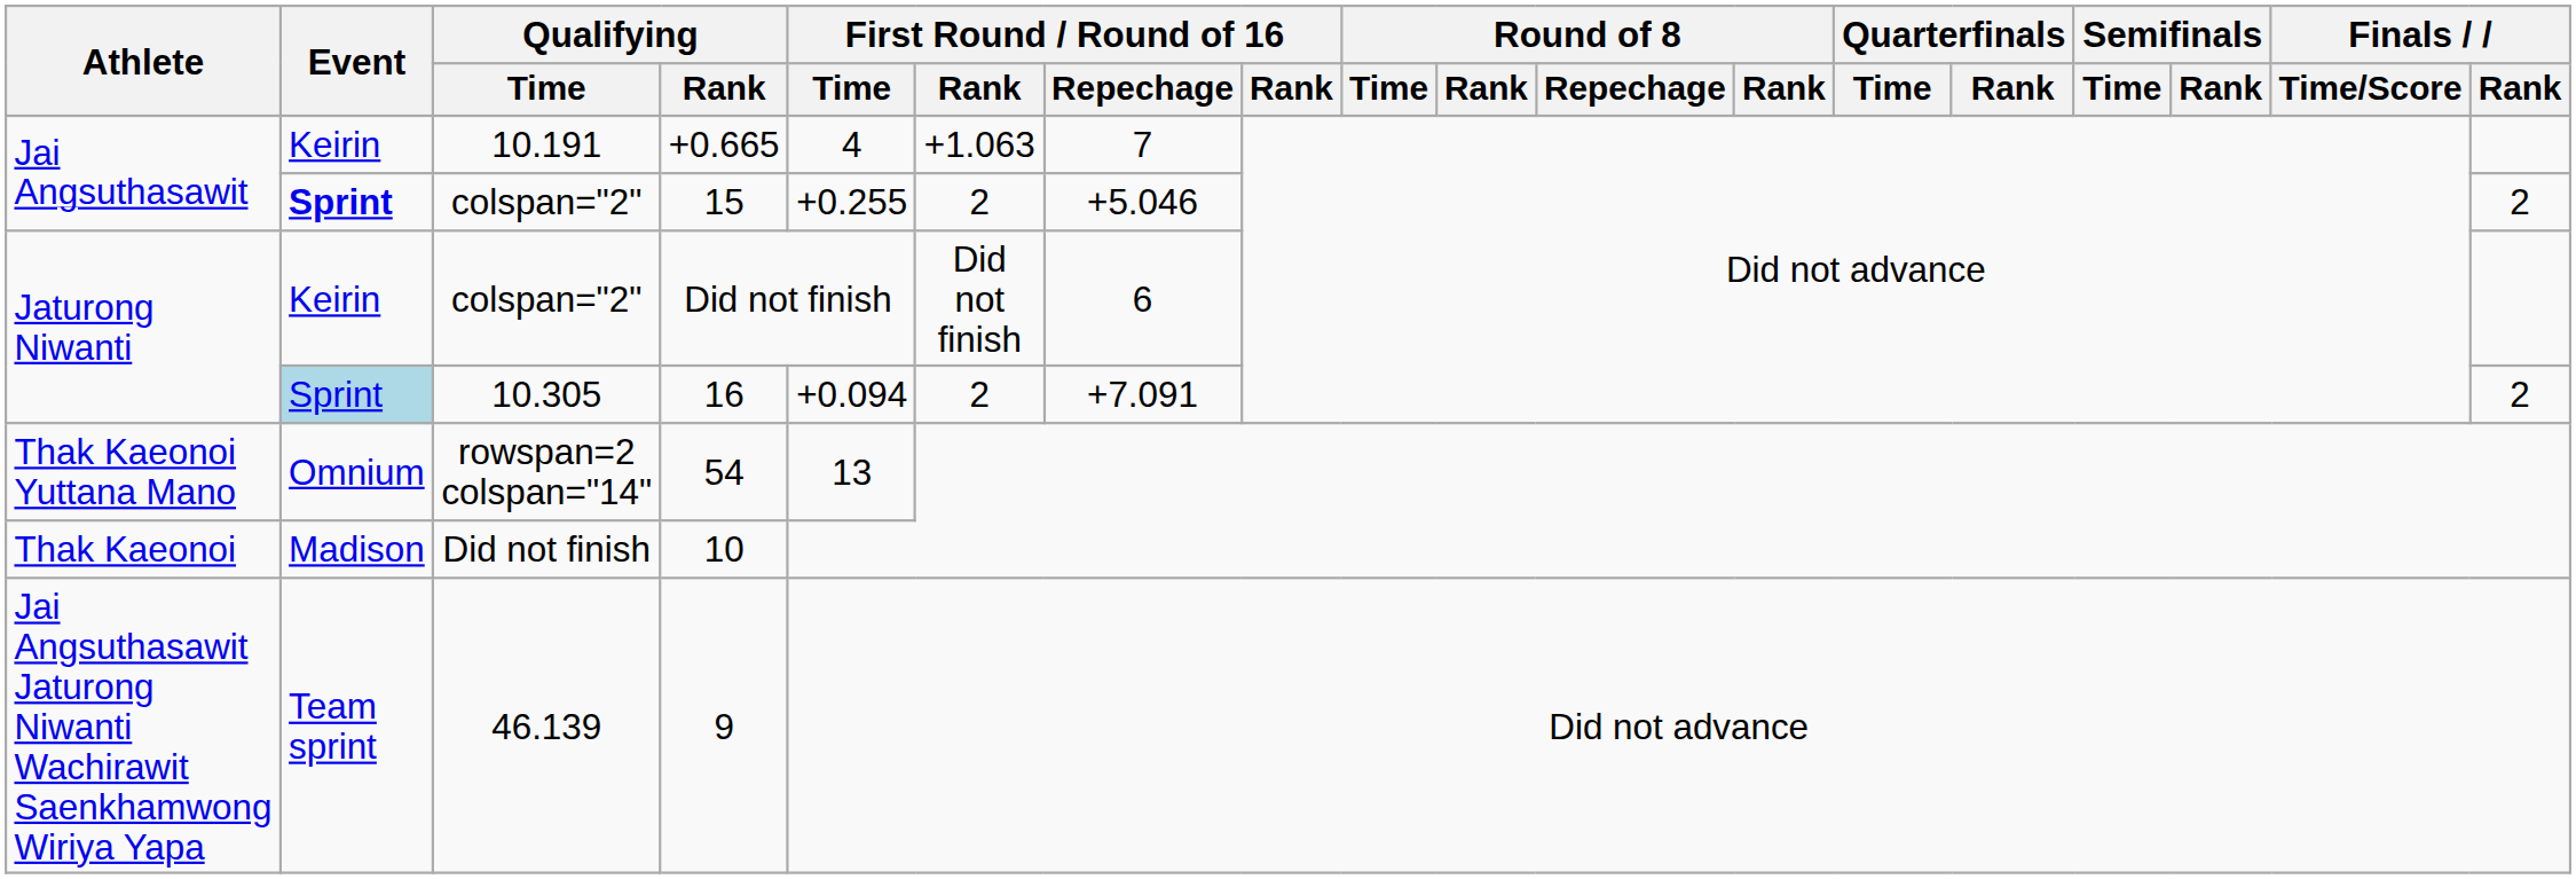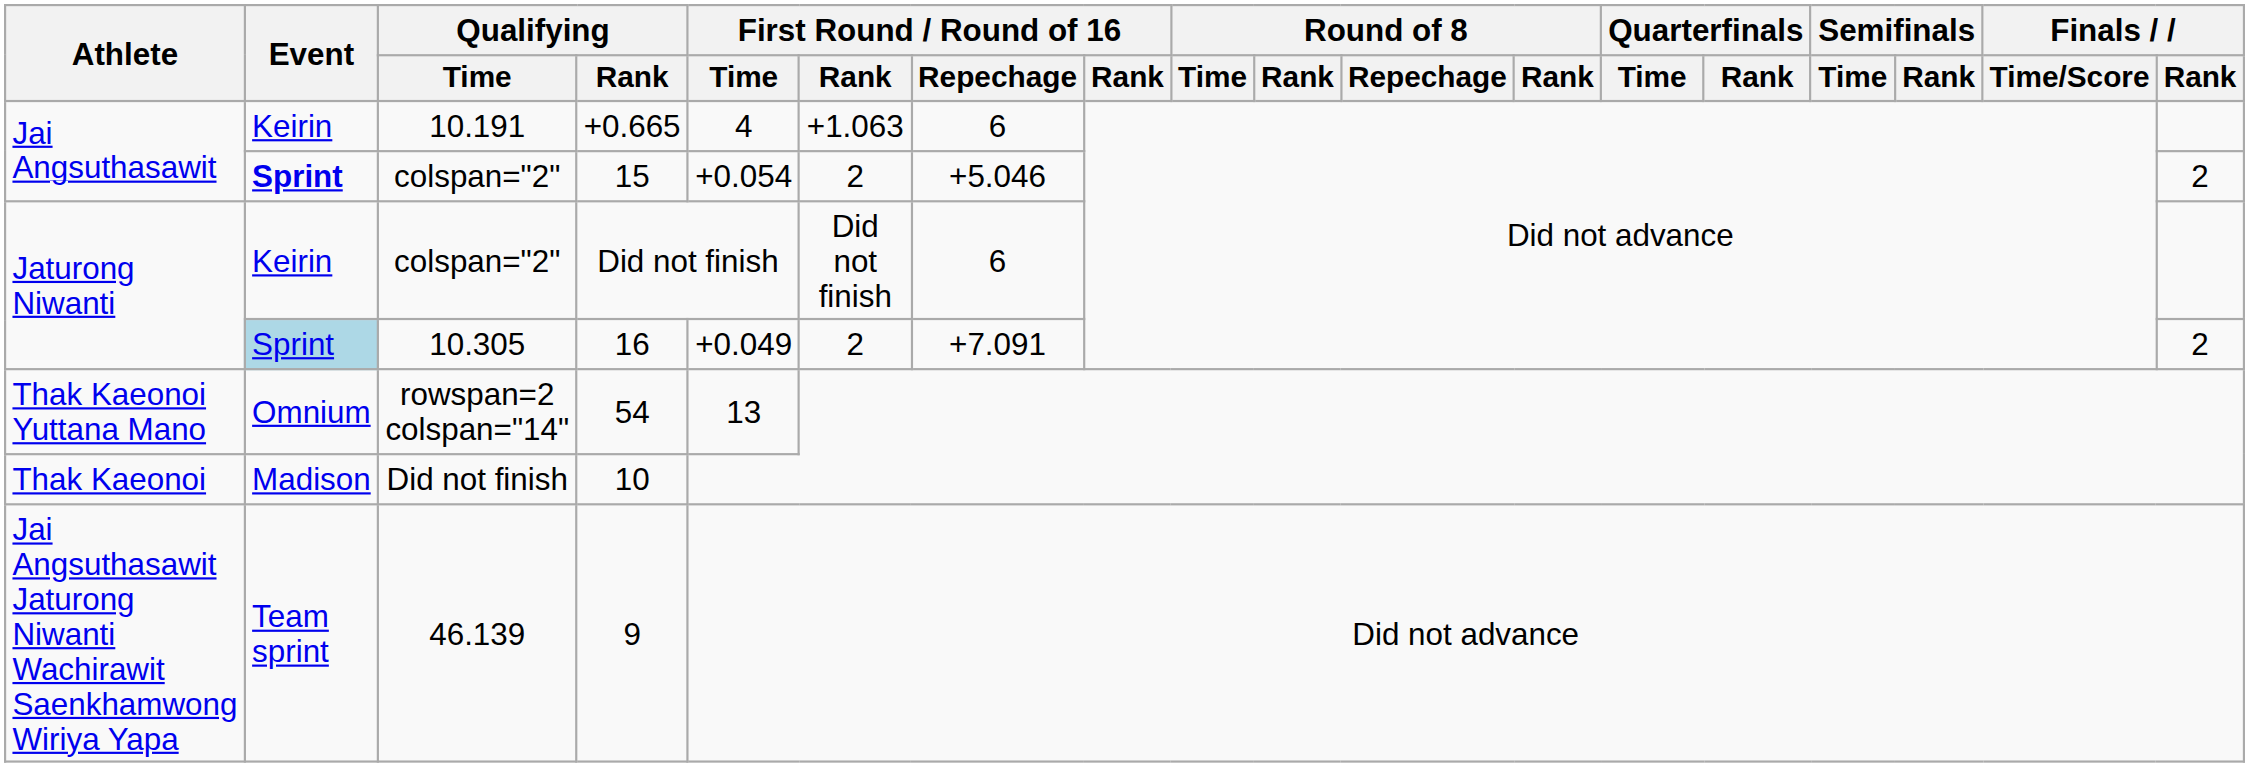 <table class="wikitable" style="font-size:90%;text-align:center">
 <tr>
 <th rowspan="2">Athlete</th>
 <th rowspan="2">Event</th>
 <th colspan="2">Qualifying</th>
 <th colspan="4">First Round / Round of 16</th>
 <th colspan="4">Round of 8</th>
 <th colspan="2">Quarterfinals</th>
 <th colspan="2">Semifinals</th>
 <th colspan="2">Finals /  / </th>
 </tr>
 <tr style=font-size:95%>
 <th>Time</th>
 <th>Rank</th>
 <th>Time</th>
 <th>Rank</th>
 <th>Repechage</th>
 <th>Rank</th>
 <th>Time</th>
 <th>Rank</th>
 <th>Repechage</th>
 <th>Rank</th>
 <th>Time</th>
 <th>Rank</th>
 <th>Time</th>
 <th>Rank</th>
 <th>Time/Score</th>
 <th>Rank</th>
 </tr>
 <tr>
 <td align="left" rowspan="2"><a href='#'>Jai Angsuthasawit</a></td>
 <td align="left"><a href='#'>Keirin</a></td>
 <td>10.191</td>
 <td>+0.665</td>
 <td>4 <strong></strong></td>
 <td>+1.063</td>
-<td>7</td>
+<td>6</td>
 <td rowspan=4 colspan="10">Did not advance</td>
 </tr>
 <tr>
 <td align="left"><strong><a href='#'>Sprint</a></strong></td>
 <td>colspan="2" </td>
 <td>15 <strong></strong></td>
-<td>+0.255</td>
+<td>+0.054</td>
 <td>2 <strong></strong></td>
 <td>+5.046</td>
 <td>2</td>
 </tr>
 <tr>
 <td align="left" rowspan="2"><a href='#'>Jaturong Niwanti</a></td>
 <td align="left"><a href='#'>Keirin</a></td>
 <td>colspan="2" </td>
 <td colspan=2>Did not finish <strong></strong></td>
 <td>Did not finish</td>
 <td>6</td>
 </tr>
 <tr>
 <td align="left" style="background: lightblue;"><a href='#'>Sprint</a></td>
 <td>10.305</td>
 <td>16 <strong></strong></td>
-<td>+0.094</td>
+<td>+0.049</td>
 <td>2 <strong></strong></td>
 <td>+7.091</td>
 <td>2</td>
 </tr>
 <tr>
 <td align="left"><a href='#'>Thak Kaeonoi</a><br><a href='#'>Yuttana Mano</a></td>
 <td align="left"><a href='#'>Omnium</a></td>
 <td>rowspan=2 colspan="14" </td>
 <td>54</td>
 <td>13</td>
 </tr>
 <tr>
 <td align="left"><a href='#'>Thak Kaeonoi</a></td>
 <td align="left"><a href='#'>Madison</a></td>
 <td>Did not finish</td>
 <td>10</td>
 </tr>
 <tr>
 <td align="left"><a href='#'>Jai Angsuthasawit</a><br><a href='#'>Jaturong Niwanti</a><br><a href='#'>Wachirawit Saenkhamwong</a><br><a href='#'>Wiriya Yapa</a></td>
 <td align="left"><a href='#'>Team sprint</a></td>
 <td>46.139</td>
 <td>9</td>
 <td colspan="14">Did not advance</td>
 </tr>
 </table>
